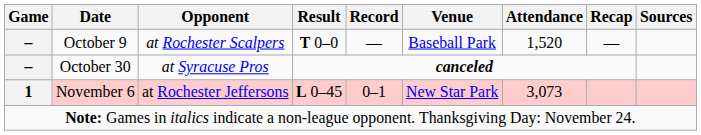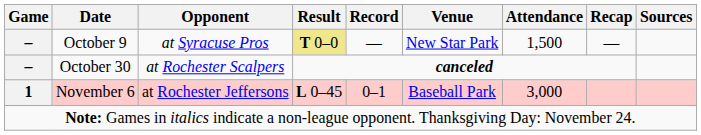 <table class="wikitable" style="text-align:center">
 <tr>
 <th>Game</th>
 <th>Date</th>
 <th>Opponent</th>
 <th>Result</th>
 <th>Record</th>
 <th>Venue</th>
 <th>Attendance</th>
 <th>Recap</th>
 <th>Sources</th>
 </tr>
 <tr>
 <th>–</th>
 <td>October 9</td>
-<td><em>at <a href='#'>Rochester Scalpers</a></em></td>
-<td><strong>T</strong> 0–0 </td>
+<td><em>at <a href='#'>Syracuse Pros</a></em></td>
+<td style="background: khaki;"><strong>T</strong> 0–0 </td>
 <td>—</td>
-<td><a href='#'>Baseball Park</a></td>
-<td>1,520</td>
+<td><a href='#'>New Star Park</a></td>
+<td>1,500</td>
 <td>—</td>
 <td></td>
 </tr>
 <tr>
 <th>–</th>
 <td>October 30</td>
-<td><em>at <a href='#'>Syracuse Pros</a></em></td>
+<td><em>at <a href='#'>Rochester Scalpers</a></em></td>
 <td colspan="5"><strong><em>canceled</em></strong></td>
 <td></td>
 </tr>
 <tr style="background:#fcc">
 <th>1</th>
 <td>November 6</td>
 <td>at <a href='#'>Rochester Jeffersons</a></td>
 <td><strong>L</strong> 0–45</td>
 <td>0–1</td>
-<td><a href='#'>New Star Park</a></td>
-<td>3,073</td>
+<td><a href='#'>Baseball Park</a></td>
+<td>3,000</td>
 <td></td>
 <td></td>
 </tr>
 <tr>
 <td colspan="10"><strong>Note:</strong> Games in <em>italics</em> indicate a non-league opponent. Thanksgiving Day: November 24.</td>
 </tr>
 </table>
